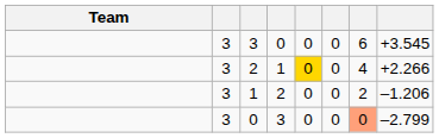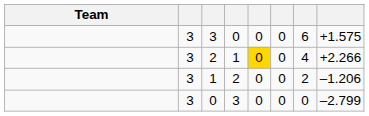 <table class="wikitable" style="text-align:center">
 <tr>
 <th width=200>Team</th>
 <th width=20></th>
 <th width=20></th>
 <th width=20></th>
 <th width=20></th>
 <th width=20></th>
 <th width=20></th>
 <th width=45></th>
 </tr>
 <tr>
 <td align="left"></td>
 <td>3</td>
 <td>3</td>
 <td>0</td>
 <td>0</td>
 <td>0</td>
 <td>6</td>
-<td>+3.545</td>
+<td>+1.575</td>
 </tr>
 <tr>
 <td align="left"></td>
 <td>3</td>
 <td>2</td>
 <td>1</td>
 <td style="background: gold;">0</td>
 <td>0</td>
 <td>4</td>
 <td>+2.266</td>
 </tr>
 <tr>
 <td align="left"></td>
 <td>3</td>
 <td>1</td>
 <td>2</td>
 <td>0</td>
 <td>0</td>
 <td>2</td>
 <td>–1.206</td>
 </tr>
 <tr>
 <td align="left"></td>
 <td>3</td>
 <td>0</td>
 <td>3</td>
 <td>0</td>
 <td>0</td>
-<td style="background: lightsalmon;">0</td>
+<td>0</td>
 <td>–2.799</td>
 </tr>
 </table>
